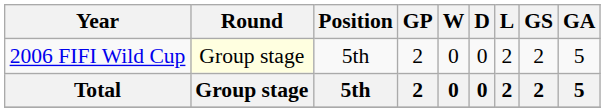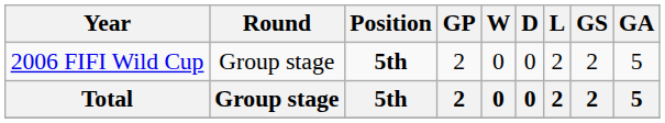 <table class="wikitable" style="text-align:center;">
 <tr>
 <th>Year</th>
 <th>Round</th>
 <th>Position</th>
 <th>GP</th>
 <th>W</th>
 <th>D</th>
 <th>L</th>
 <th>GS</th>
 <th>GA</th>
 </tr>
 <tr>
 <td><a href='#'>2006 FIFI Wild Cup</a></td>
-<td style="background: lightyellow;">Group stage</td>
-<td>5th</td>
+<td>Group stage</td>
+<td><strong>5th</strong></td>
 <td>2</td>
 <td>0</td>
 <td>0</td>
 <td>2</td>
 <td>2</td>
 <td>5</td>
 </tr>
 <tr>
 <th>Total</th>
 <th>Group stage</th>
 <th>5th</th>
 <th>2</th>
 <th>0</th>
 <th>0</th>
 <th>2</th>
 <th>2</th>
 <th>5</th>
 </tr>
 <tr>
 </tr>
 </table>
